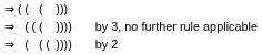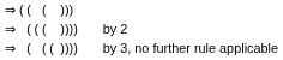 <table>
 <tr>
 <td>⇒  (</td>
 <td>(</td>
 <td></td>
 <td>(</td>
 <td></td>
 <td></td>
 <td>)))</td>
 </tr>
 <tr>
 <td>⇒</td>
 <td>(</td>
 <td>(</td>
 <td>(</td>
 <td></td>
 <td></td>
 <td>))))</td>
-<td>by 3, no further rule applicable</td>
+<td>by 2</td>
 </tr>
 <tr>
 <td>⇒</td>
 <td>(</td>
 <td></td>
 <td>(</td>
 <td>(</td>
 <td></td>
 <td>))))      </td>
-<td>by 2</td>
+<td>by 3, no further rule applicable</td>
 </tr>
 </table>
